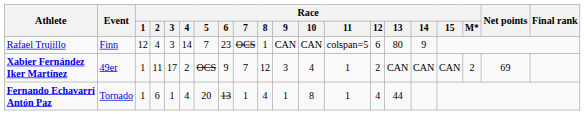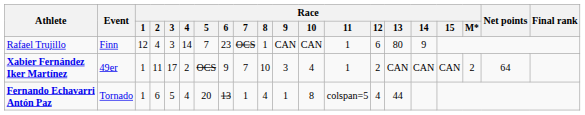 <table class="wikitable" style="font-size:90%">
 <tr>
 <th rowspan="2">Athlete</th>
 <th rowspan="2">Event</th>
 <th colspan=16>Race</th>
 <th rowspan=2>Net points</th>
 <th rowspan=2>Final rank</th>
 </tr>
 <tr style="font-size:95%">
 <th>1</th>
 <th>2</th>
 <th>3</th>
 <th>4</th>
 <th>5</th>
 <th>6</th>
 <th>7</th>
 <th>8</th>
 <th>9</th>
 <th>10</th>
 <th>11</th>
 <th>12</th>
 <th>13</th>
 <th>14</th>
 <th>15</th>
 <th>M*</th>
 </tr>
 <tr align=center>
 <td align=left><a href='#'>Rafael Trujillo</a></td>
 <td align=left><a href='#'>Finn</a></td>
 <td>12</td>
 <td>4</td>
 <td>3</td>
 <td>14</td>
 <td>7</td>
 <td>23</td>
 <td><s>OCS</s></td>
 <td>1</td>
 <td>CAN</td>
 <td>CAN</td>
-<td>colspan=5 </td>
+<td>1</td>
 <td>6</td>
 <td>80</td>
 <td>9</td>
 </tr>
 <tr align=center>
 <td align=left><strong><a href='#'>Xabier Fernández</a> <br><a href='#'>Iker Martínez</a></strong></td>
 <td align=left><a href='#'>49er</a></td>
 <td>1</td>
 <td>11</td>
 <td>17</td>
 <td>2</td>
 <td><s>OCS</s></td>
 <td>9</td>
 <td>7</td>
-<td>12</td>
+<td>10</td>
 <td>3</td>
 <td>4</td>
 <td>1</td>
 <td>2</td>
 <td>CAN</td>
 <td>CAN</td>
 <td>CAN</td>
 <td>2</td>
-<td>69</td>
+<td>64</td>
 <td></td>
 </tr>
 <tr align=center>
 <td align=left><strong><a href='#'>Fernando Echavarri</a><br><a href='#'>Antón Paz</a></strong></td>
 <td align=left><a href='#'>Tornado</a></td>
 <td>1</td>
 <td>6</td>
-<td>1</td>
+<td>5</td>
 <td>4</td>
 <td>20</td>
 <td><s>13</s></td>
 <td>1</td>
 <td>4</td>
 <td>1</td>
 <td>8</td>
-<td>1</td>
+<td>colspan=5 </td>
 <td>4</td>
 <td>44</td>
 <td></td>
 </tr>
 </table>
